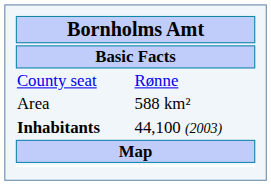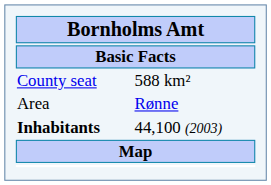 <table colspan="4" width=250 style="border: 1px solid #6688AA; background-color:#f0f6fa; margin:0.5em; padding:0.5em; float:right" valign="top" |>
 <tr>
 <td style="border: 1px solid #1188AA; background-color:#c0ccfa" align="center" colspan="2"><big><strong>Bornholms Amt</strong></big></td>
 </tr>
 <tr>
 <td style="border: 1px solid #1188AA; background-color:#c0ccfa" align="center" colspan="2"><strong>Basic Facts</strong></td>
 </tr>
 <tr>
 <td><a href='#'>County seat</a></td>
-<td><a href='#'>Rønne</a></td>
+<td>588 km²</td>
 </tr>
 <tr ---->
 <td>Area</td>
-<td>588 km²</td>
+<td><a href='#'>Rønne</a></td>
 </tr>
 <tr ---->
 <td><strong>Inhabitants</strong></td>
 <td>44,100 <small><em>(2003)</em></small></td>
 </tr>
 <tr>
 <td style="border: 1px solid #1188AA; background-color:#c0ccfa" align="center" colspan="2"><strong>Map</strong></td>
 </tr>
 <tr>
 <td bgcolor=#FFFFFF align="center" colspan="2"></td>
 </tr>
 <tr>
 </tr>
 </table>
